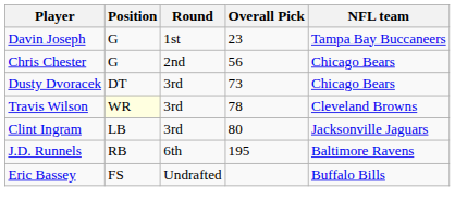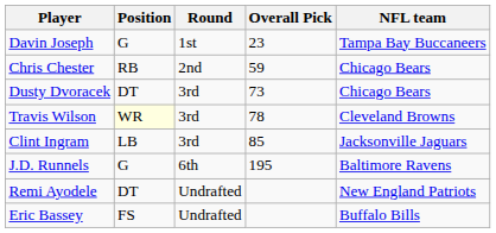 <table class="wikitable">
 <tr>
 <th>Player</th>
 <th>Position</th>
 <th>Round</th>
 <th>Overall Pick</th>
 <th>NFL team</th>
 </tr>
 <tr>
 <td><a href='#'>Davin Joseph</a></td>
 <td>G</td>
 <td>1st</td>
 <td>23</td>
 <td><a href='#'>Tampa Bay Buccaneers</a></td>
 </tr>
 <tr>
 <td><a href='#'>Chris Chester</a></td>
-<td>G</td>
+<td>RB</td>
 <td>2nd</td>
-<td>56</td>
+<td>59</td>
 <td><a href='#'>Chicago Bears</a></td>
 </tr>
 <tr>
 <td><a href='#'>Dusty Dvoracek</a></td>
 <td>DT</td>
 <td>3rd</td>
 <td>73</td>
 <td><a href='#'>Chicago Bears</a></td>
 </tr>
 <tr>
 <td><a href='#'>Travis Wilson</a></td>
 <td style="background: lightyellow;">WR</td>
 <td>3rd</td>
 <td>78</td>
 <td><a href='#'>Cleveland Browns</a></td>
 </tr>
 <tr>
 <td><a href='#'>Clint Ingram</a></td>
 <td>LB</td>
 <td>3rd</td>
-<td>80</td>
+<td>85</td>
 <td><a href='#'>Jacksonville Jaguars</a></td>
 </tr>
 <tr>
 <td><a href='#'>J.D. Runnels</a></td>
-<td>RB</td>
+<td>G</td>
 <td>6th</td>
 <td>195</td>
 <td><a href='#'>Baltimore Ravens</a></td>
+</tr>
+<tr>
+<td><a href='#'>Remi Ayodele</a></td>
+<td>DT</td>
+<td>Undrafted</td>
+<td></td>
+<td><a href='#'>New England Patriots</a></td>
 </tr>
 <tr>
 <td><a href='#'>Eric Bassey</a></td>
 <td>FS</td>
 <td>Undrafted</td>
 <td></td>
 <td><a href='#'>Buffalo Bills</a></td>
 </tr>
 </table>
